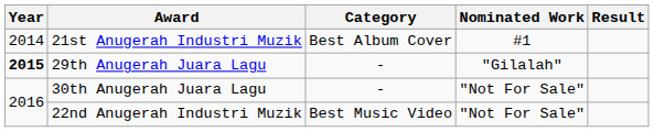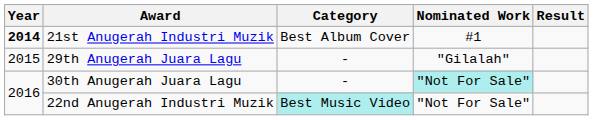 <table class="wikitable">
 <tr>
 <th>Year</th>
 <th>Award</th>
 <th>Category</th>
 <th>Nominated Work</th>
 <th>Result</th>
 </tr>
 <tr>
-<td>2014</td>
+<td><strong>2014</strong></td>
 <td>21st <a href='#'>Anugerah Industri Muzik</a></td>
 <td>Best Album Cover</td>
 <td align="center">#1</td>
 <td></td>
 </tr>
 <tr>
-<td><strong>2015</strong></td>
+<td>2015</td>
 <td>29th <a href='#'>Anugerah Juara Lagu</a></td>
 <td align="center">-</td>
 <td align="center">"Gilalah"</td>
 <td></td>
 </tr>
 <tr>
 <td rowspan="2">2016</td>
 <td>30th Anugerah Juara Lagu</td>
 <td align="center">-</td>
-<td align="center">"Not For Sale"</td>
+<td align="center" style="background: paleturquoise;">"Not For Sale"</td>
 <td></td>
 </tr>
 <tr>
 <td>22nd Anugerah Industri Muzik</td>
-<td>Best Music Video</td>
+<td style="background: paleturquoise;">Best Music Video</td>
 <td align="center">"Not For Sale"</td>
 <td></td>
 </tr>
 </table>
